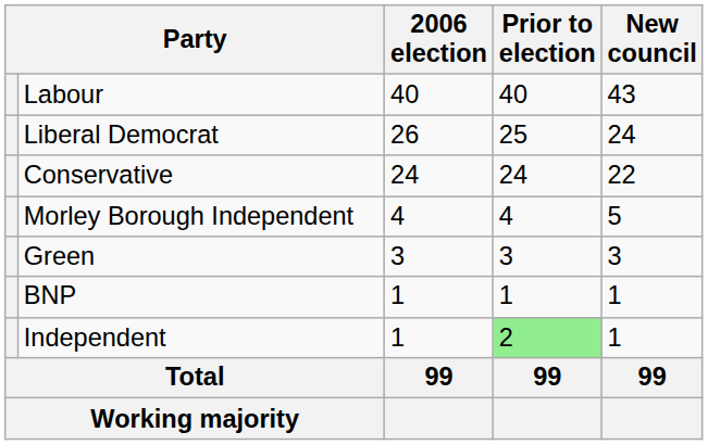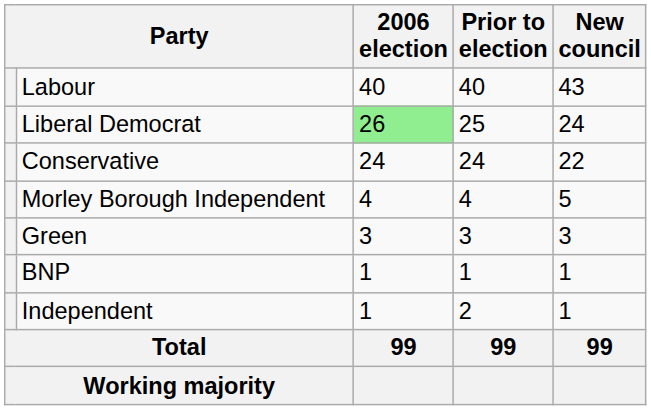 <table class="wikitable">
 <tr>
 <th valign=centre colspan="2" style="width: 230px">Party</th>
 <th valign=top style="width: 30px">2006 election</th>
 <th valign=top style="width: 30px">Prior to election</th>
 <th valign=top style="width: 30px">New council</th>
 </tr>
 <tr>
 <th style="background-color: "></th>
 <td>Labour</td>
 <td>40</td>
 <td>40</td>
 <td>43</td>
 </tr>
 <tr>
 <th style="background-color: "></th>
 <td>Liberal Democrat</td>
-<td>26</td>
+<td style="background: lightgreen;">26</td>
 <td>25</td>
 <td>24</td>
 </tr>
 <tr>
 <th style="background-color: "></th>
 <td>Conservative</td>
 <td>24</td>
 <td>24</td>
 <td>22</td>
 </tr>
 <tr>
 <th style="background-color: "></th>
 <td>Morley Borough Independent</td>
 <td>4</td>
 <td>4</td>
 <td>5</td>
 </tr>
 <tr>
 <th style="background-color: "></th>
 <td>Green</td>
 <td>3</td>
 <td>3</td>
 <td>3</td>
 </tr>
 <tr>
 <th style="background-color: "></th>
 <td>BNP</td>
 <td>1</td>
 <td>1</td>
 <td>1</td>
 </tr>
 <tr>
 <th style="background-color: "></th>
 <td>Independent</td>
 <td>1</td>
-<td style="background: lightgreen;">2</td>
+<td>2</td>
 <td>1</td>
 </tr>
 <tr>
 <th colspan=2>Total</th>
 <th style="text-align: center">99</th>
 <th>99</th>
 <th>99</th>
 </tr>
 <tr>
 <th colspan=2>Working majority</th>
 <th></th>
 <th></th>
 <th></th>
 </tr>
 </table>
